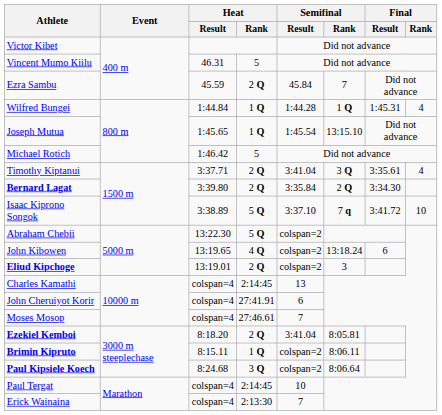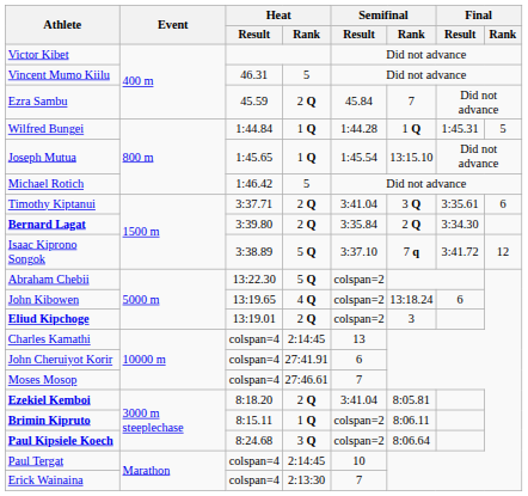 <table class=wikitable style="font-size:90%">
 <tr>
 <th rowspan="2">Athlete</th>
 <th rowspan="2">Event</th>
 <th colspan="2">Heat</th>
 <th colspan="2">Semifinal</th>
 <th colspan="2">Final</th>
 </tr>
 <tr style="font-size:95%">
 <th>Result</th>
 <th>Rank</th>
 <th>Result</th>
 <th>Rank</th>
 <th>Result</th>
 <th>Rank</th>
 </tr>
 <tr align=center>
 <td align=left><a href='#'>Victor Kibet</a></td>
 <td align=left rowspan=3><a href='#'>400 m</a></td>
 <td colspan=2></td>
 <td colspan=4>Did not advance</td>
 </tr>
 <tr align=center>
 <td align=left><a href='#'>Vincent Mumo Kiilu</a></td>
 <td>46.31</td>
 <td>5</td>
 <td colspan=4>Did not advance</td>
 </tr>
 <tr align=center>
 <td align=left><a href='#'>Ezra Sambu</a></td>
 <td>45.59</td>
 <td>2 <strong>Q</strong></td>
 <td>45.84</td>
 <td>7</td>
 <td colspan=2>Did not advance</td>
 </tr>
 <tr align=center>
 <td align=left><a href='#'>Wilfred Bungei</a></td>
 <td align=left rowspan=3><a href='#'>800 m</a></td>
 <td>1:44.84</td>
 <td>1 <strong>Q</strong></td>
 <td>1:44.28</td>
 <td>1 <strong>Q</strong></td>
 <td>1:45.31</td>
-<td>4</td>
+<td>5</td>
 </tr>
 <tr align=center>
 <td align=left><a href='#'>Joseph Mutua</a></td>
 <td>1:45.65</td>
 <td>1 <strong>Q</strong></td>
 <td>1:45.54</td>
 <td>13:15.10</td>
 <td colspan=2>Did not advance</td>
 </tr>
 <tr align=center>
 <td align=left><a href='#'>Michael Rotich</a></td>
 <td>1:46.42</td>
 <td>5</td>
 <td colspan=4>Did not advance</td>
 </tr>
 <tr align=center>
 <td align=left><a href='#'>Timothy Kiptanui</a></td>
 <td align=left rowspan=3><a href='#'>1500 m</a></td>
 <td>3:37.71</td>
 <td>2 <strong>Q</strong></td>
 <td>3:41.04</td>
 <td>3 <strong>Q</strong></td>
 <td>3:35.61</td>
-<td>4</td>
+<td>6</td>
 </tr>
 <tr align=center>
 <td align=left><strong><a href='#'>Bernard Lagat</a></strong></td>
 <td>3:39.80</td>
 <td>2 <strong>Q</strong></td>
 <td>3:35.84</td>
 <td>2 <strong>Q</strong></td>
 <td>3:34.30</td>
 <td></td>
 </tr>
 <tr align=center>
 <td align=left><a href='#'>Isaac Kiprono Songok</a></td>
 <td>3:38.89</td>
 <td>5 <strong>Q</strong></td>
 <td>3:37.10</td>
 <td>7 <strong>q</strong></td>
 <td>3:41.72</td>
-<td>10</td>
+<td>12</td>
 </tr>
 <tr align=center>
 <td align=left><a href='#'>Abraham Chebii</a></td>
 <td align=left rowspan=3><a href='#'>5000 m</a></td>
 <td>13:22.30</td>
 <td>5 <strong>Q</strong></td>
 <td>colspan=2 </td>
 <td colspan=2></td>
 </tr>
 <tr align=center>
 <td align=left><a href='#'>John Kibowen</a></td>
 <td>13:19.65</td>
 <td>4 <strong>Q</strong></td>
 <td>colspan=2 </td>
 <td>13:18.24</td>
 <td>6</td>
 </tr>
 <tr align=center>
 <td align=left><strong><a href='#'>Eliud Kipchoge</a></strong></td>
 <td>13:19.01</td>
 <td>2 <strong>Q</strong></td>
 <td>colspan=2 </td>
 <td>3</td>
 <td></td>
 </tr>
 <tr align=center>
 <td align=left><a href='#'>Charles Kamathi</a></td>
 <td align=left rowspan=3><a href='#'>10000 m</a></td>
 <td>colspan=4 </td>
 <td>2:14:45</td>
 <td>13</td>
 </tr>
 <tr align=center>
 <td align=left><a href='#'>John Cheruiyot Korir</a></td>
 <td>colspan=4 </td>
 <td>27:41.91</td>
 <td>6</td>
 </tr>
 <tr align=center>
 <td align=left><a href='#'>Moses Mosop</a></td>
 <td>colspan=4 </td>
 <td>27:46.61</td>
 <td>7</td>
 </tr>
 <tr align=center>
 <td align=left><strong><a href='#'>Ezekiel Kemboi</a></strong></td>
 <td align=left rowspan=3><a href='#'>3000 m steeplechase</a></td>
 <td>8:18.20</td>
 <td>2 <strong>Q</strong></td>
 <td>3:41.04</td>
 <td>8:05.81</td>
 <td></td>
 </tr>
 <tr align=center>
 <td align=left><strong><a href='#'>Brimin Kipruto</a></strong></td>
 <td>8:15.11</td>
 <td>1 <strong>Q</strong></td>
 <td>colspan=2 </td>
 <td>8:06.11</td>
 <td></td>
 </tr>
 <tr align=center>
 <td align=left><strong><a href='#'>Paul Kipsiele Koech</a></strong></td>
 <td>8:24.68</td>
 <td>3 <strong>Q</strong></td>
 <td>colspan=2 </td>
 <td>8:06.64</td>
 <td></td>
 </tr>
 <tr align=center>
 <td align=left><a href='#'>Paul Tergat</a></td>
 <td align=left rowspan=2><a href='#'>Marathon</a></td>
 <td>colspan=4 </td>
 <td>2:14:45</td>
 <td>10</td>
 </tr>
 <tr align=center>
 <td align=left><a href='#'>Erick Wainaina</a></td>
 <td>colspan=4 </td>
 <td>2:13:30</td>
 <td>7</td>
 </tr>
 </table>
